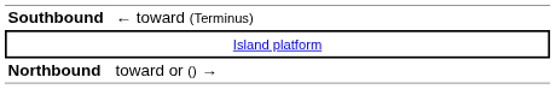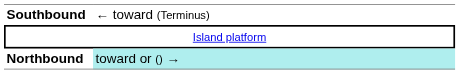 <table table border=0 cellspacing=0 cellpadding=3>
 <tr>
 <td style="border-top:solid 1px gray;" width=100><span><strong>Southbound</strong></span></td>
 <td style="border-top:solid 1px gray;" width=425>←  toward  <small>(Terminus)</small></td>
 </tr>
 <tr>
 <td style="border-bottom:solid 2px black;border-right:solid 2px black;border-left:solid 2px black;border-top:solid 2px black;text-align:center;" colspan=2><small><a href='#'>Island platform</a></small></td>
 </tr>
 <tr>
 <td style="border-bottom:solid 1px gray;"><span><strong>Northbound</strong></span></td>
-<td style="border-bottom:solid 1px gray;">  toward  or  <small>()</small> →</td>
+<td style="background: paleturquoise; border-bottom:solid 1px gray;">  toward  or  <small>()</small> →</td>
 </tr>
 </table>
